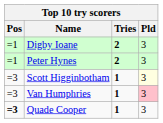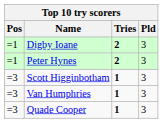 <table class="wikitable">
 <tr>
 <th colspan=9>Top 10 try scorers</th>
 </tr>
 <tr>
 <th>Pos</th>
 <th>Name</th>
 <th>Tries</th>
 <th>Pld</th>
 </tr>
 <tr bgcolor="#d0ffd0" align="left">
 <td>=1</td>
 <td align="left"><a href='#'>Digby Ioane</a></td>
 <td><strong>2</strong></td>
 <td>3</td>
 </tr>
 <tr bgcolor="#d0ffd0" align="left">
 <td>=1</td>
 <td align="left"><a href='#'>Peter Hynes</a></td>
 <td><strong>2</strong></td>
 <td>3</td>
 </tr>
 <tr>
 <td>=3</td>
 <td align="left"><a href='#'>Scott Higginbotham</a></td>
 <td><strong>1</strong></td>
-<td style="background: lightyellow;">3</td>
+<td>3</td>
 </tr>
 <tr>
 <td>=3</td>
 <td align="left"><a href='#'>Van Humphries</a></td>
 <td><strong>1</strong></td>
-<td style="background: pink;">3</td>
+<td>3</td>
 </tr>
 <tr>
-<td><strong>=3</strong></td>
+<td>=3</td>
 <td align="left"><a href='#'>Quade Cooper</a></td>
 <td><strong>1</strong></td>
 <td>3</td>
 </tr>
 </table>
